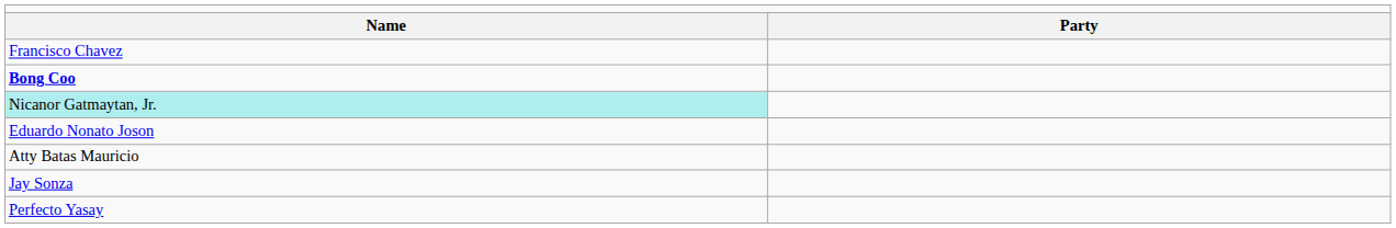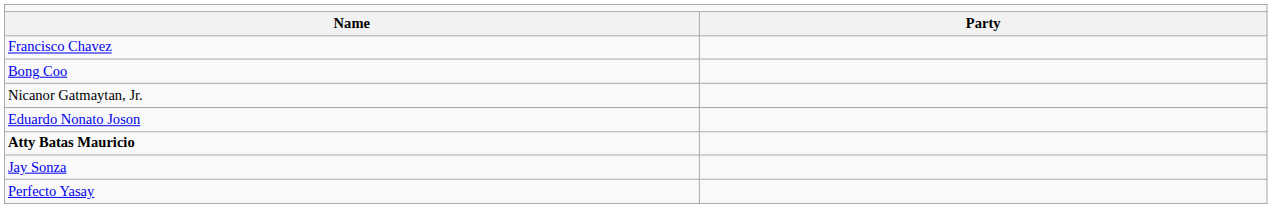 <table class=wikitable style="font-size:90%" width=99%>
 <tr>
 <td colspan=4 bgcolor=></td>
 </tr>
 <tr>
 <th width=55%>Name</th>
 <th colspan=2 width=110px>Party</th>
 </tr>
 <tr>
 <td><a href='#'>Francisco Chavez</a></td>
 <td></td>
 </tr>
 <tr>
-<td><strong><a href='#'>Bong Coo</a></strong></td>
+<td><a href='#'>Bong Coo</a></td>
 <td></td>
 </tr>
 <tr>
-<td style="background: paleturquoise;">Nicanor Gatmaytan, Jr.</td>
+<td>Nicanor Gatmaytan, Jr.</td>
 <td></td>
 </tr>
 <tr>
 <td><a href='#'>Eduardo Nonato Joson</a></td>
 <td></td>
 </tr>
 <tr>
-<td>Atty Batas Mauricio</td>
+<td><strong>Atty Batas Mauricio</strong></td>
 <td></td>
 </tr>
 <tr>
 <td><a href='#'>Jay Sonza</a></td>
 <td></td>
 </tr>
 <tr>
 <td><a href='#'>Perfecto Yasay</a></td>
 <td></td>
 </tr>
 </table>
